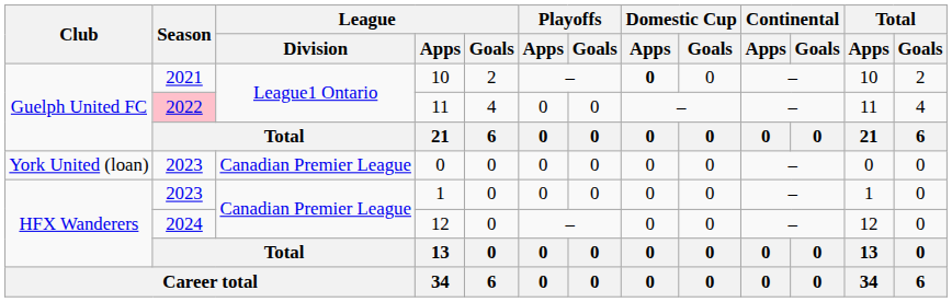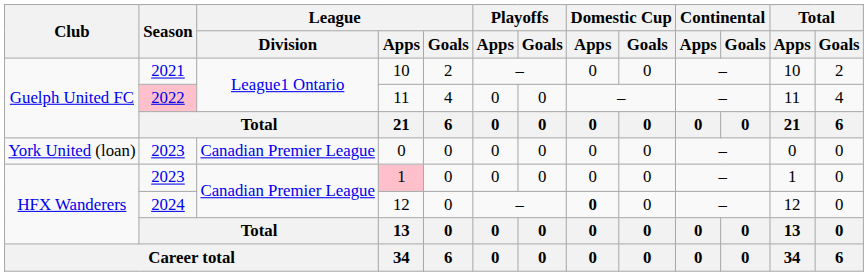 <table class="wikitable" style="text-align: center">
 <tr>
 <th rowspan="2">Club</th>
 <th rowspan="2">Season</th>
 <th colspan="3">League</th>
 <th colspan="2">Playoffs</th>
 <th colspan="2">Domestic Cup</th>
 <th colspan="2">Continental</th>
 <th colspan="2">Total</th>
 </tr>
 <tr>
 <th>Division</th>
 <th>Apps</th>
 <th>Goals</th>
 <th>Apps</th>
 <th>Goals</th>
 <th>Apps</th>
 <th>Goals</th>
 <th>Apps</th>
 <th>Goals</th>
 <th>Apps</th>
 <th>Goals</th>
 </tr>
 <tr>
 <td rowspan=3><a href='#'>Guelph United FC</a></td>
 <td><a href='#'>2021</a></td>
 <td rowspan=2><a href='#'>League1 Ontario</a></td>
 <td>10</td>
 <td>2</td>
 <td colspan="2">–</td>
-<td><strong>0</strong></td>
+<td>0</td>
 <td>0</td>
 <td colspan="2">–</td>
 <td>10</td>
 <td>2</td>
 </tr>
 <tr>
 <td style="background: pink;"><a href='#'>2022</a></td>
 <td>11</td>
 <td>4</td>
 <td>0</td>
 <td>0</td>
 <td colspan="2">–</td>
 <td colspan="2">–</td>
 <td>11</td>
 <td>4</td>
 </tr>
 <tr>
 <th colspan="2"><strong>Total</strong></th>
 <th>21</th>
 <th>6</th>
 <th>0</th>
 <th>0</th>
 <th>0</th>
 <th>0</th>
 <th>0</th>
 <th>0</th>
 <th>21</th>
 <th>6</th>
 </tr>
 <tr>
 <td><a href='#'>York United</a> (loan)</td>
 <td><a href='#'>2023</a></td>
 <td><a href='#'>Canadian Premier League</a></td>
 <td>0</td>
 <td>0</td>
 <td>0</td>
 <td>0</td>
 <td>0</td>
 <td>0</td>
 <td colspan="2">–</td>
 <td>0</td>
 <td>0</td>
 </tr>
 <tr>
 <td rowspan=3><a href='#'>HFX Wanderers</a></td>
 <td><a href='#'>2023</a></td>
 <td rowspan=2><a href='#'>Canadian Premier League</a></td>
-<td>1</td>
+<td style="background: pink;">1</td>
 <td>0</td>
 <td>0</td>
 <td>0</td>
 <td>0</td>
 <td>0</td>
 <td colspan="2">–</td>
 <td>1</td>
 <td>0</td>
 </tr>
 <tr>
 <td><a href='#'>2024</a></td>
 <td>12</td>
 <td>0</td>
 <td colspan="2">–</td>
-<td>0</td>
+<td><strong>0</strong></td>
 <td>0</td>
 <td colspan="2">–</td>
 <td>12</td>
 <td>0</td>
 </tr>
 <tr>
 <th colspan="2"><strong>Total</strong></th>
 <th>13</th>
 <th>0</th>
 <th>0</th>
 <th>0</th>
 <th>0</th>
 <th>0</th>
 <th>0</th>
 <th>0</th>
 <th>13</th>
 <th>0</th>
 </tr>
 <tr>
 <th colspan="3"><strong>Career total</strong></th>
 <th>34</th>
 <th>6</th>
 <th>0</th>
 <th>0</th>
 <th>0</th>
 <th>0</th>
 <th>0</th>
 <th>0</th>
 <th>34</th>
 <th>6</th>
 </tr>
 </table>
